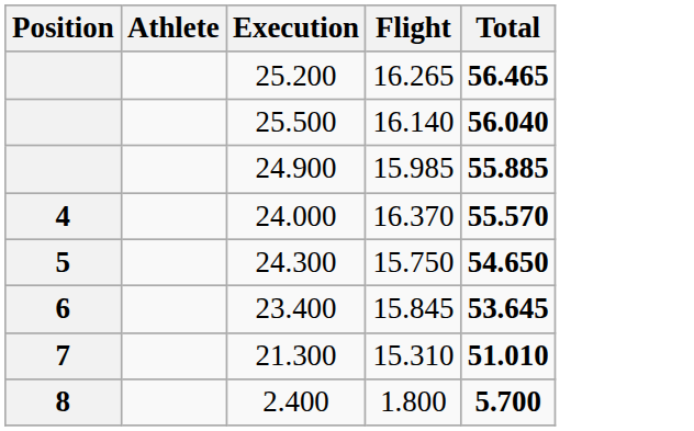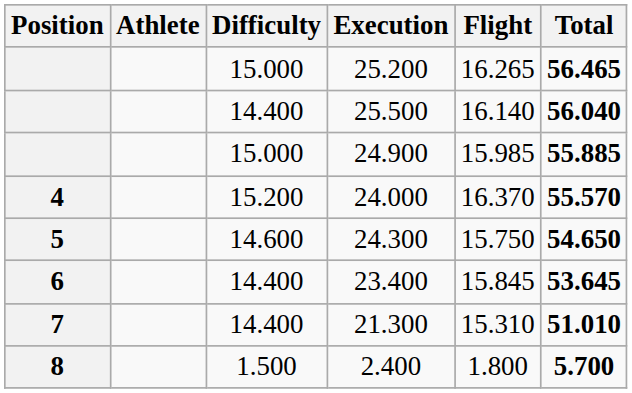 <table class="wikitable sortable" style="text-align:center;">
 <tr>
 <th>Position</th>
 <th>Athlete</th>
+<th>Difficulty</th>
 <th>Execution</th>
 <th>Flight</th>
 <th>Total</th>
 </tr>
 <tr>
 <th></th>
 <td align="left"></td>
+<td>15.000</td>
 <td>25.200</td>
 <td>16.265</td>
 <td><strong>56.465</strong></td>
 </tr>
 <tr>
 <th></th>
 <td align="left"></td>
+<td>14.400</td>
 <td>25.500</td>
 <td>16.140</td>
 <td><strong>56.040</strong></td>
 </tr>
 <tr>
 <th></th>
 <td align=left></td>
+<td>15.000</td>
 <td>24.900</td>
 <td>15.985</td>
 <td><strong>55.885</strong></td>
 </tr>
 <tr>
 <th>4</th>
 <td align="left"></td>
+<td>15.200</td>
 <td>24.000</td>
 <td>16.370</td>
 <td><strong>55.570</strong></td>
 </tr>
 <tr>
 <th>5</th>
 <td align=left></td>
+<td>14.600</td>
 <td>24.300</td>
 <td>15.750</td>
 <td><strong>54.650</strong></td>
 </tr>
 <tr>
 <th>6</th>
 <td align="left"></td>
+<td>14.400</td>
 <td>23.400</td>
 <td>15.845</td>
 <td><strong>53.645</strong></td>
 </tr>
 <tr>
 <th>7</th>
 <td align="left"></td>
+<td>14.400</td>
 <td>21.300</td>
 <td>15.310</td>
 <td><strong>51.010</strong></td>
 </tr>
 <tr>
 <th>8</th>
 <td align=left></td>
+<td>1.500</td>
 <td>2.400</td>
 <td>1.800</td>
 <td><strong>5.700</strong></td>
 </tr>
 </table>
